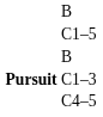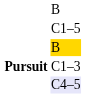 <table>
 <tr>
 <th rowspan="2"></th>
 <td>B<br></td>
 <td></td>
 <td></td>
 <td></td>
 </tr>
 <tr>
 <td>C1–5<br></td>
 <td></td>
 <td></td>
 <td></td>
 </tr>
 <tr>
 <th rowspan="4">Pursuit</th>
-<td>B<br></td>
+<td style="background: gold;">B<br></td>
 <td></td>
 <td></td>
 <td></td>
 </tr>
 <tr>
 <td>C1–3<br></td>
 <td></td>
 <td></td>
 <td></td>
 </tr>
 <tr>
-<td>C4–5<br></td>
+<td style="background: lavender;">C4–5<br></td>
 <td></td>
 <td></td>
 <td></td>
 </tr>
 </table>
